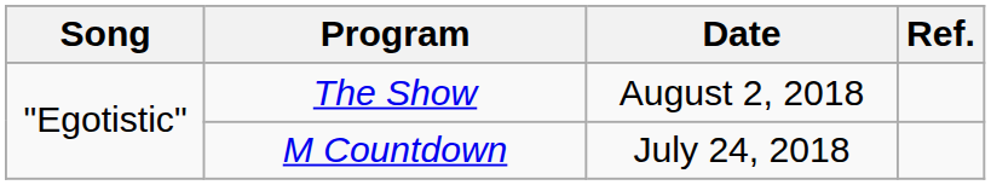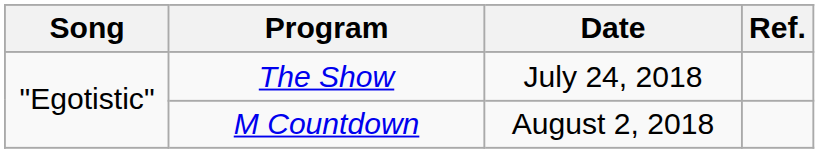 <table class="wikitable" style="text-align:center;">
 <tr>
 <th style="width:80px;">Song</th>
 <th style="width:160px;">Program</th>
 <th style="width:130px;">Date</th>
 <th>Ref.</th>
 </tr>
 <tr>
 <td rowspan="2">"Egotistic"</td>
 <td rowspan="1"><em><a href='#'>The Show</a></em></td>
-<td>August 2, 2018</td>
+<td>July 24, 2018</td>
 <td></td>
 </tr>
 <tr>
 <td rowspan="1"><em><a href='#'>M Countdown</a></em></td>
-<td>July 24, 2018</td>
+<td>August 2, 2018</td>
 <td></td>
 </tr>
 </table>
